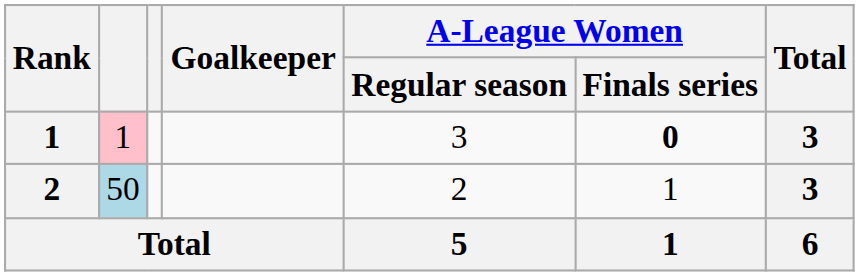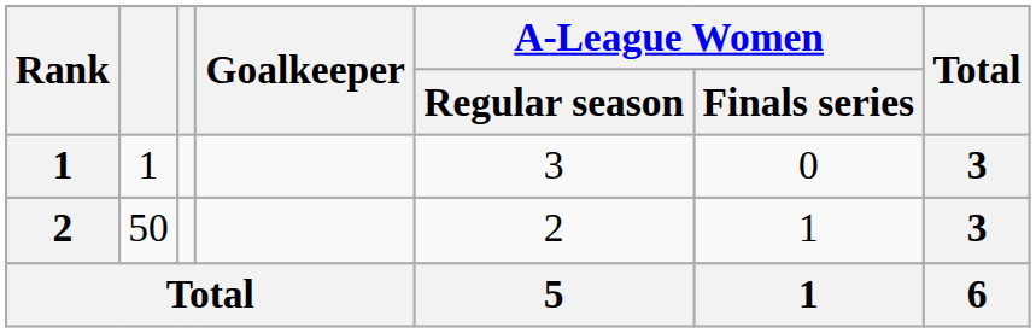 <table class="wikitable" style="text-align:center">
 <tr>
 <th rowspan="2">Rank</th>
 <th rowspan="2"></th>
 <th rowspan="2"></th>
 <th rowspan="2">Goalkeeper</th>
 <th colspan="2"><a href='#'>A-League Women</a></th>
 <th rowspan="2">Total</th>
 </tr>
 <tr>
 <th>Regular season</th>
 <th>Finals series</th>
 </tr>
 <tr>
 <th>1</th>
-<td style="background: pink;">1</td>
+<td>1</td>
 <td></td>
 <td align="left"></td>
 <td>3</td>
-<td><strong>0</strong></td>
+<td>0</td>
 <th>3</th>
 </tr>
 <tr>
 <th>2</th>
-<td style="background: lightblue;">50</td>
+<td>50</td>
 <td></td>
 <td align="left"></td>
 <td>2</td>
 <td>1</td>
 <th>3</th>
 </tr>
 <tr>
 <th colspan="4">Total</th>
 <th>5</th>
 <th>1</th>
 <th>6</th>
 </tr>
 </table>
